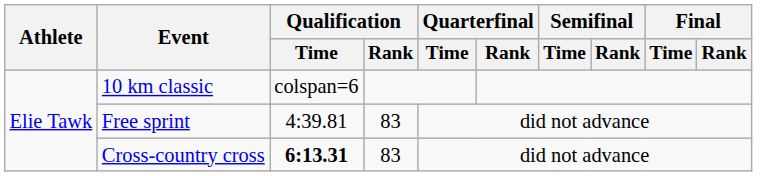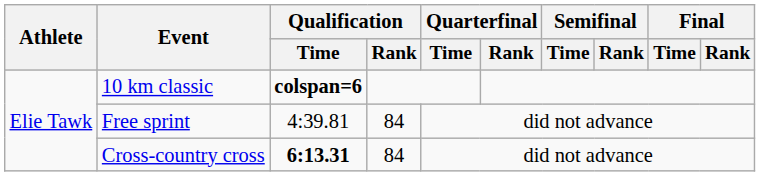 <table class="wikitable" style="font-size:90%">
 <tr>
 <th rowspan="2">Athlete</th>
 <th rowspan="2">Event</th>
 <th colspan="2">Qualification</th>
 <th colspan="2">Quarterfinal</th>
 <th colspan="2">Semifinal</th>
 <th colspan="2">Final</th>
 </tr>
 <tr style="font-size:95%">
 <th>Time</th>
 <th>Rank</th>
 <th>Time</th>
 <th>Rank</th>
 <th>Time</th>
 <th>Rank</th>
 <th>Time</th>
 <th>Rank</th>
 </tr>
 <tr align=center>
 <td align=left rowspan=3><a href='#'>Elie Tawk</a></td>
 <td align=left><a href='#'>10 km classic</a></td>
-<td>colspan=6 </td>
+<td><strong>colspan=6 </strong></td>
 <td colspan=2></td>
 </tr>
 <tr align=center>
 <td align=left><a href='#'>Free sprint</a></td>
 <td>4:39.81</td>
-<td>83</td>
+<td>84</td>
 <td colspan=6>did not advance</td>
 </tr>
 <tr align=center>
 <td align=left><a href='#'>Cross-country cross</a></td>
 <td><strong>6:13.31</strong></td>
-<td>83</td>
+<td>84</td>
 <td colspan=6>did not advance</td>
 </tr>
 </table>
